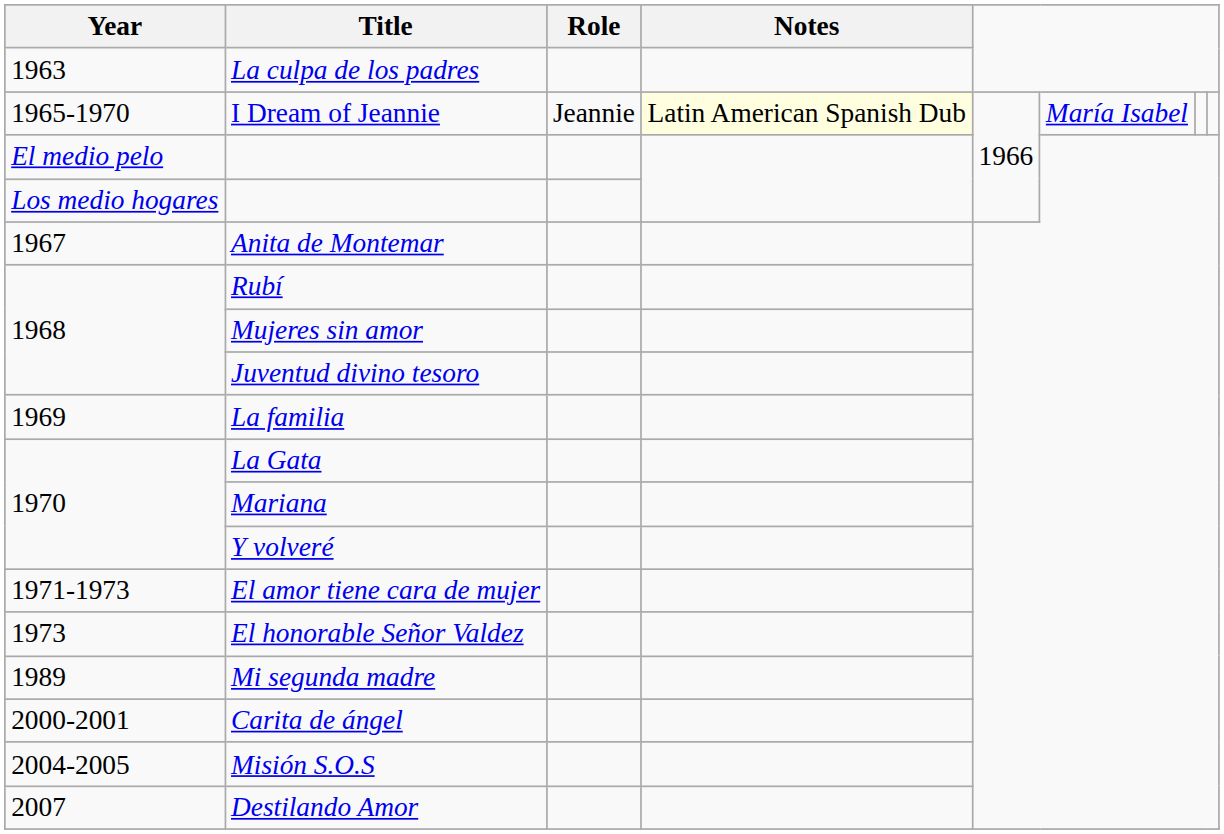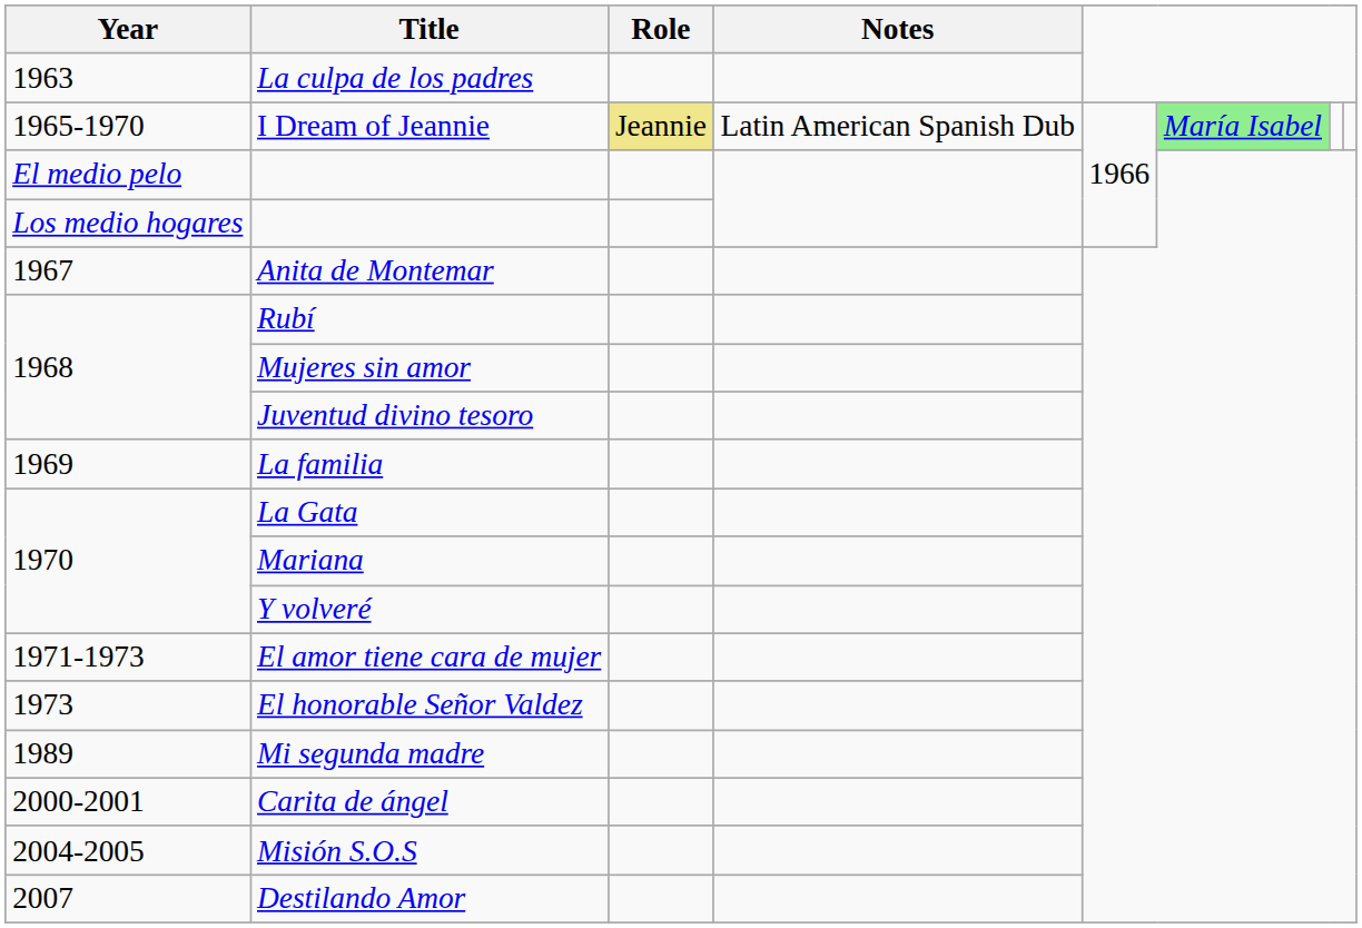 <table class="wikitable sortable">
 <tr>
 <th>Year</th>
 <th>Title</th>
 <th>Role</th>
 <th class="unsortable">Notes</th>
 </tr>
 <tr>
 <td>1963</td>
 <td><em><a href='#'>La culpa de los padres</a></em></td>
 <td></td>
 <td></td>
 </tr>
 <tr>
 <td>1965-1970</td>
 <td><a href='#'>I Dream of Jeannie</a></td>
-<td>Jeannie</td>
-<td style="background: lightyellow;">Latin American Spanish Dub</td>
+<td style="background: khaki;">Jeannie</td>
+<td>Latin American Spanish Dub</td>
 <td rowspan=3>1966</td>
-<td><em><a href='#'>María Isabel</a></em></td>
+<td style="background: lightgreen;"><em><a href='#'>María Isabel</a></em></td>
 <td></td>
 <td></td>
 </tr>
 <tr>
 <td><em><a href='#'>El medio pelo</a></em></td>
 <td></td>
 <td></td>
 </tr>
 <tr>
 <td><em><a href='#'>Los medio hogares</a></em></td>
 <td></td>
 <td></td>
 </tr>
 <tr>
 <td>1967</td>
 <td><em><a href='#'>Anita de Montemar</a></em></td>
 <td></td>
 <td></td>
 </tr>
 <tr>
 <td rowspan=3>1968</td>
 <td><em><a href='#'>Rubí</a></em></td>
 <td></td>
 <td></td>
 </tr>
 <tr>
 <td><em><a href='#'>Mujeres sin amor</a></em></td>
 <td></td>
 <td></td>
 </tr>
 <tr>
 <td><em><a href='#'>Juventud divino tesoro</a></em></td>
 <td></td>
 <td></td>
 </tr>
 <tr>
 <td>1969</td>
 <td><em><a href='#'>La familia</a></em></td>
 <td></td>
 <td></td>
 </tr>
 <tr>
 <td rowspan=3>1970</td>
 <td><em><a href='#'>La Gata</a></em></td>
 <td></td>
 <td></td>
 </tr>
 <tr>
 <td><em><a href='#'>Mariana</a></em></td>
 <td></td>
 <td></td>
 </tr>
 <tr>
 <td><em><a href='#'>Y volveré</a></em></td>
 <td></td>
 <td></td>
 </tr>
 <tr>
 <td>1971-1973</td>
 <td><em><a href='#'>El amor tiene cara de mujer</a></em></td>
 <td></td>
 <td></td>
 </tr>
 <tr>
 <td>1973</td>
 <td><em><a href='#'>El honorable Señor Valdez</a></em></td>
 <td></td>
 <td></td>
 </tr>
 <tr>
 <td>1989</td>
 <td><em><a href='#'>Mi segunda madre</a></em></td>
 <td></td>
 <td></td>
 </tr>
 <tr>
 <td>2000-2001</td>
 <td><em><a href='#'>Carita de ángel</a></em></td>
 <td></td>
 <td></td>
 </tr>
 <tr>
 <td>2004-2005</td>
 <td><em><a href='#'>Misión S.O.S</a></em></td>
 <td></td>
 <td></td>
 </tr>
 <tr>
 <td>2007</td>
 <td><em><a href='#'>Destilando Amor</a></em></td>
 <td></td>
 <td></td>
 </tr>
 </table>
